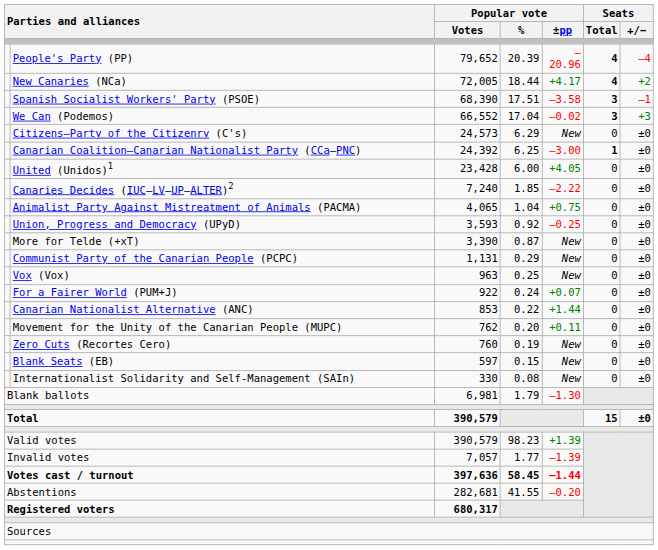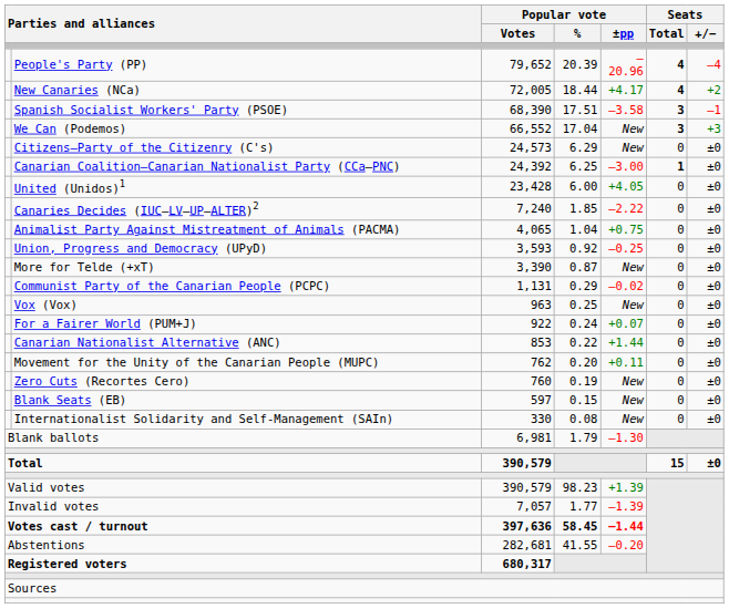 <table class="wikitable" style="text-align:right;">
 <tr>
 <th style="text-align:left;" rowspan="2" colspan="2" width="525">Parties and alliances</th>
 <th colspan="3">Popular vote</th>
 <th colspan="2">Seats</th>
 </tr>
 <tr>
 <th width="75">Votes</th>
 <th width="45">%</th>
 <th width="45">±<a href='#'>pp</a></th>
 <th width="35">Total</th>
 <th width="35">+/−</th>
 </tr>
 <tr>
 <td colspan="7" bgcolor="#C0C0C0"></td>
 </tr>
 <tr>
 <td width="1" style="color:inherit;background:"></td>
 <td align="left"><a href='#'>People's Party</a> (PP)</td>
 <td>79,652</td>
 <td>20.39</td>
 <td style="color:red;">–20.96</td>
 <td><strong>4</strong></td>
 <td style="color:red;">–4</td>
 </tr>
 <tr>
 <td style="color:inherit;background:"></td>
 <td align="left"><a href='#'>New Canaries</a> (NCa)</td>
 <td>72,005</td>
 <td>18.44</td>
 <td style="color:green;">+4.17</td>
 <td><strong>4</strong></td>
 <td style="color:green;">+2</td>
 </tr>
 <tr>
 <td style="color:inherit;background:"></td>
 <td align="left"><a href='#'>Spanish Socialist Workers' Party</a> (PSOE)</td>
 <td>68,390</td>
 <td>17.51</td>
 <td style="color:red;">–3.58</td>
 <td><strong>3</strong></td>
 <td style="color:red;">–1</td>
 </tr>
 <tr>
 <td style="color:inherit;background:"></td>
 <td align="left"><a href='#'>We Can</a> (Podemos)</td>
 <td>66,552</td>
 <td>17.04</td>
-<td style="color:red;">–0.02</td>
+<td><em>New</em></td>
 <td><strong>3</strong></td>
 <td style="color:green;">+3</td>
 </tr>
 <tr>
 <td style="color:inherit;background:"></td>
 <td align="left"><a href='#'>Citizens–Party of the Citizenry</a> (C's)</td>
 <td>24,573</td>
 <td>6.29</td>
 <td><em>New</em></td>
 <td>0</td>
 <td>±0</td>
 </tr>
 <tr>
 <td style="color:inherit;background:"></td>
 <td align="left"><a href='#'>Canarian Coalition–Canarian Nationalist Party</a> (<a href='#'>CCa</a>–<a href='#'>PNC</a>)</td>
 <td>24,392</td>
 <td>6.25</td>
 <td style="color:red;">–3.00</td>
 <td><strong>1</strong></td>
 <td>±0</td>
 </tr>
 <tr>
 <td style="color:inherit;background:"></td>
 <td align="left"><a href='#'>United</a> (Unidos)<sup>1</sup></td>
 <td>23,428</td>
 <td>6.00</td>
 <td style="color:green;">+4.05</td>
 <td>0</td>
 <td>±0</td>
 </tr>
 <tr>
 <td style="color:inherit;background:"></td>
 <td align="left"><a href='#'>Canaries Decides</a> (<a href='#'>IUC</a>–<a href='#'>LV</a>–<a href='#'>UP</a>–<a href='#'>ALTER</a>)<sup>2</sup></td>
 <td>7,240</td>
 <td>1.85</td>
 <td style="color:red;">–2.22</td>
 <td>0</td>
 <td>±0</td>
 </tr>
 <tr>
 <td style="color:inherit;background:"></td>
 <td align="left"><a href='#'>Animalist Party Against Mistreatment of Animals</a> (PACMA)</td>
 <td>4,065</td>
 <td>1.04</td>
 <td style="color:green;">+0.75</td>
 <td>0</td>
 <td>±0</td>
 </tr>
 <tr>
 <td style="color:inherit;background:"></td>
 <td align="left"><a href='#'>Union, Progress and Democracy</a> (UPyD)</td>
 <td>3,593</td>
 <td>0.92</td>
 <td style="color:red;">–0.25</td>
 <td>0</td>
 <td>±0</td>
 </tr>
 <tr>
 <td style="color:inherit;background:"></td>
 <td align="left">More for Telde (+xT)</td>
 <td>3,390</td>
 <td>0.87</td>
 <td><em>New</em></td>
 <td>0</td>
 <td>±0</td>
 </tr>
 <tr>
 <td style="color:inherit;background:"></td>
 <td align="left"><a href='#'>Communist Party of the Canarian People</a> (PCPC)</td>
 <td>1,131</td>
 <td>0.29</td>
-<td><em>New</em></td>
+<td style="color:red;">–0.02</td>
 <td>0</td>
 <td>±0</td>
 </tr>
 <tr>
 <td style="color:inherit;background:"></td>
 <td align="left"><a href='#'>Vox</a> (Vox)</td>
 <td>963</td>
 <td>0.25</td>
 <td><em>New</em></td>
 <td>0</td>
 <td>±0</td>
 </tr>
 <tr>
 <td style="color:inherit;background:"></td>
 <td align="left"><a href='#'>For a Fairer World</a> (PUM+J)</td>
 <td>922</td>
 <td>0.24</td>
 <td style="color:green;">+0.07</td>
 <td>0</td>
 <td>±0</td>
 </tr>
 <tr>
 <td style="color:inherit;background:"></td>
 <td align="left"><a href='#'>Canarian Nationalist Alternative</a> (ANC)</td>
 <td>853</td>
 <td>0.22</td>
 <td style="color:green;">+1.44</td>
 <td>0</td>
 <td>±0</td>
 </tr>
 <tr>
 <td style="color:inherit;background:"></td>
 <td align="left">Movement for the Unity of the Canarian People (MUPC)</td>
 <td>762</td>
 <td>0.20</td>
 <td style="color:green;">+0.11</td>
 <td>0</td>
 <td>±0</td>
 </tr>
 <tr>
 <td style="color:inherit;background:"></td>
 <td align="left"><a href='#'>Zero Cuts</a> (Recortes Cero)</td>
 <td>760</td>
 <td>0.19</td>
 <td><em>New</em></td>
 <td>0</td>
 <td>±0</td>
 </tr>
 <tr>
 <td style="color:inherit;background:"></td>
 <td align="left"><a href='#'>Blank Seats</a> (EB)</td>
 <td>597</td>
 <td>0.15</td>
 <td><em>New</em></td>
 <td>0</td>
 <td>±0</td>
 </tr>
 <tr>
 <td style="color:inherit;background:"></td>
 <td align="left">Internationalist Solidarity and Self-Management (SAIn)</td>
 <td>330</td>
 <td>0.08</td>
 <td><em>New</em></td>
 <td>0</td>
 <td>±0</td>
 </tr>
 <tr>
 <td align="left" colspan="2">Blank ballots</td>
 <td>6,981</td>
 <td>1.79</td>
 <td style="color:red;">–1.30</td>
 <td bgcolor="#E9E9E9" colspan="2"></td>
 </tr>
 <tr>
 <td colspan="7" bgcolor="#E9E9E9"></td>
 </tr>
 <tr style="font-weight:bold;">
 <td align="left" colspan="2">Total</td>
 <td>390,579</td>
 <td bgcolor="#E9E9E9" colspan="2"></td>
 <td>15</td>
 <td>±0</td>
 </tr>
 <tr>
 <td colspan="7" bgcolor="#E9E9E9"></td>
 </tr>
 <tr>
 <td align="left" colspan="2">Valid votes</td>
 <td>390,579</td>
 <td>98.23</td>
 <td style="color:green;">+1.39</td>
 <td bgcolor="#E9E9E9" colspan="2" rowspan="5"></td>
 </tr>
 <tr>
 <td align="left" colspan="2">Invalid votes</td>
 <td>7,057</td>
 <td>1.77</td>
 <td style="color:red;">–1.39</td>
 </tr>
 <tr style="font-weight:bold;">
 <td align="left" colspan="2">Votes cast / turnout</td>
 <td>397,636</td>
 <td>58.45</td>
 <td style="color:red;">–1.44</td>
 </tr>
 <tr>
 <td align="left" colspan="2">Abstentions</td>
 <td>282,681</td>
 <td>41.55</td>
 <td style="color:red;">–0.20</td>
 </tr>
 <tr style="font-weight:bold;">
 <td align="left" colspan="2">Registered voters</td>
 <td>680,317</td>
 <td bgcolor="#E9E9E9" colspan="2"></td>
 </tr>
 <tr>
 <td colspan="7" bgcolor="#E9E9E9"></td>
 </tr>
 <tr>
 <td align="left" colspan="7">Sources</td>
 </tr>
 <tr>
 <td colspan="7" style="text-align:left; max-width:790px;"></td>
 </tr>
 </table>
